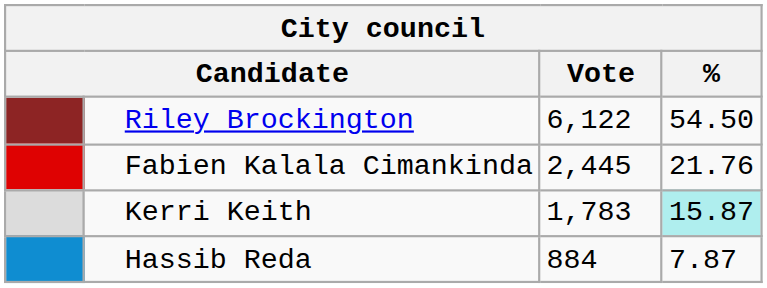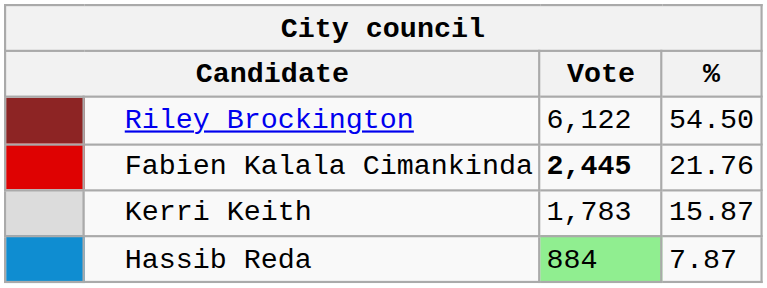 <table class="wikitable">
 <tr>
 <th colspan="4">City council</th>
 </tr>
 <tr>
 <th bgcolor="#DDDDFF" width="230px" colspan="2">Candidate</th>
 <th bgcolor="#DDDDFF" width="50px">Vote</th>
 <th bgcolor="#DDDDFF" width="30px">%</th>
 </tr>
 <tr>
 <td bgcolor=#8D2424 width="30px"> </td>
 <td>  <a href='#'>Riley Brockington</a></td>
 <td>6,122</td>
 <td>54.50</td>
 </tr>
 <tr>
 <td bgcolor=#DF0202 width="30px"> </td>
 <td>  Fabien Kalala Cimankinda</td>
-<td>2,445</td>
+<td><strong>2,445</strong></td>
 <td>21.76</td>
 </tr>
 <tr>
 <td bgcolor=#DCDCDC width="30px"> </td>
 <td>  Kerri Keith</td>
 <td>1,783</td>
-<td style="background: paleturquoise;">15.87</td>
+<td>15.87</td>
 </tr>
 <tr>
 <td bgcolor=#0F8DD1 width="30px"> </td>
 <td>  Hassib Reda</td>
-<td>884</td>
+<td style="background: lightgreen;">884</td>
 <td>7.87</td>
 </tr>
 </table>
